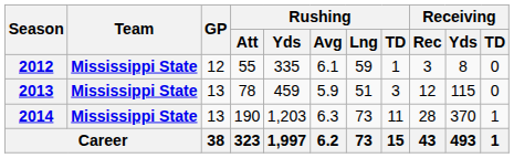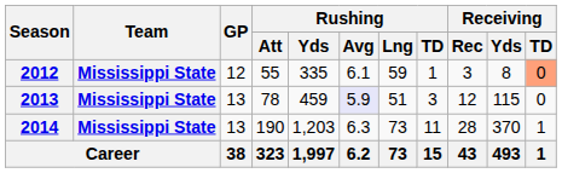 <table class="wikitable" style="text-align:center;">
 <tr>
 <th rowspan="2">Season</th>
 <th rowspan="2">Team</th>
 <th rowspan="2">GP</th>
 <th colspan="5">Rushing</th>
 <th colspan="3">Receiving</th>
 </tr>
 <tr>
 <th>Att</th>
 <th>Yds</th>
 <th>Avg</th>
 <th>Lng</th>
 <th>TD</th>
 <th>Rec</th>
 <th>Yds</th>
 <th>TD</th>
 </tr>
 <tr>
 <th><a href='#'>2012</a></th>
 <th><a href='#'>Mississippi State</a></th>
 <td>12</td>
 <td>55</td>
 <td>335</td>
 <td>6.1</td>
 <td>59</td>
 <td>1</td>
 <td>3</td>
 <td>8</td>
-<td>0</td>
+<td style="background: lightsalmon;">0</td>
 </tr>
 <tr>
 <th><a href='#'>2013</a></th>
 <th><a href='#'>Mississippi State</a></th>
 <td>13</td>
 <td>78</td>
 <td>459</td>
-<td>5.9</td>
+<td style="background: lavender;">5.9</td>
 <td>51</td>
 <td>3</td>
 <td>12</td>
 <td>115</td>
 <td>0</td>
 </tr>
 <tr>
 <th><a href='#'>2014</a></th>
 <th><a href='#'>Mississippi State</a></th>
 <td>13</td>
 <td>190</td>
 <td>1,203</td>
 <td>6.3</td>
 <td>73</td>
 <td>11</td>
 <td>28</td>
 <td>370</td>
 <td>1</td>
 </tr>
 <tr>
 <th colspan="2">Career</th>
 <th>38</th>
 <th>323</th>
 <th>1,997</th>
 <th>6.2</th>
 <th>73</th>
 <th>15</th>
 <th>43</th>
 <th>493</th>
 <th>1</th>
 </tr>
 </table>
